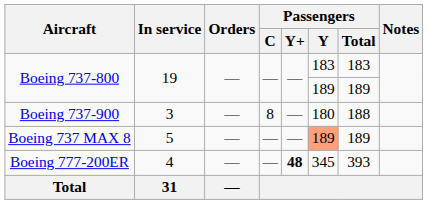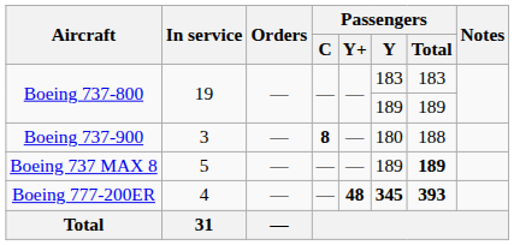 <table class="wikitable" style="border-collapse:collapse;text-align:center;margin:auto;">
 <tr>
 <th rowspan="2">Aircraft</th>
 <th rowspan="2">In service</th>
 <th rowspan="2">Orders</th>
 <th colspan="4">Passengers</th>
 <th rowspan="2">Notes</th>
 </tr>
 <tr>
 <th><abbr>C</abbr></th>
 <th><abbr>Y+</abbr></th>
 <th><abbr>Y</abbr></th>
 <th>Total</th>
 </tr>
 <tr>
 <td rowspan="2"><a href='#'>Boeing 737-800</a></td>
 <td rowspan="2">19</td>
 <td rowspan="2">—</td>
 <td rowspan="2">—</td>
 <td rowspan="2">—</td>
 <td>183</td>
 <td>183</td>
 <td rowspan="2"></td>
 </tr>
 <tr>
 <td>189</td>
 <td>189</td>
 </tr>
 <tr>
 <td><a href='#'>Boeing 737-900</a></td>
 <td>3</td>
 <td>—</td>
-<td>8</td>
+<td><strong>8</strong></td>
 <td>—</td>
 <td>180</td>
 <td>188</td>
 <td></td>
 </tr>
 <tr>
 <td><a href='#'>Boeing 737 MAX 8</a></td>
 <td>5</td>
 <td>—</td>
 <td>—</td>
 <td>—</td>
-<td style="background: lightsalmon;">189</td>
 <td>189</td>
+<td><strong>189</strong></td>
 <td></td>
 </tr>
 <tr>
 <td><a href='#'>Boeing 777-200ER</a></td>
 <td>4</td>
 <td>—</td>
 <td>—</td>
 <td><strong>48</strong></td>
-<td>345</td>
-<td>393</td>
+<td><strong>345</strong></td>
+<td><strong>393</strong></td>
 <td></td>
 </tr>
 <tr>
 <th>Total</th>
 <th>31</th>
 <th>—</th>
 <th colspan="5"></th>
 </tr>
 </table>
